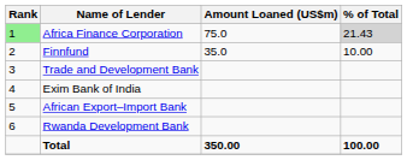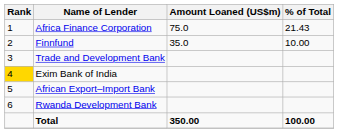 <table class="wikitable sortable" style="margin: 0.5em auto">
 <tr>
 <th>Rank</th>
 <th>Name of Lender</th>
 <th>Amount Loaned (US$m)</th>
 <th>% of Total</th>
 </tr>
 <tr>
-<td style="background: lightgreen;">1</td>
+<td>1</td>
 <td><a href='#'>Africa Finance Corporation</a></td>
 <td>75.0</td>
-<td style="background: lightgrey;">21.43</td>
+<td>21.43</td>
 </tr>
 <tr>
 <td>2</td>
 <td><a href='#'>Finnfund</a></td>
 <td>35.0</td>
 <td>10.00</td>
 </tr>
 <tr>
 <td>3</td>
 <td><a href='#'>Trade and Development Bank</a></td>
 <td></td>
 <td></td>
 </tr>
 <tr>
-<td>4</td>
+<td style="background: gold;">4</td>
 <td>Exim Bank of India</td>
 <td></td>
 <td></td>
 </tr>
 <tr>
 <td>5</td>
 <td><a href='#'>African Export–Import Bank</a></td>
 <td></td>
 <td></td>
 </tr>
 <tr>
 <td>6</td>
 <td><a href='#'>Rwanda Development Bank</a></td>
 <td></td>
 <td></td>
 </tr>
 <tr>
 <td></td>
 <td><strong>Total</strong></td>
 <td><strong>350.00</strong></td>
 <td><strong>100.00</strong></td>
 </tr>
 <tr>
 </tr>
 </table>
